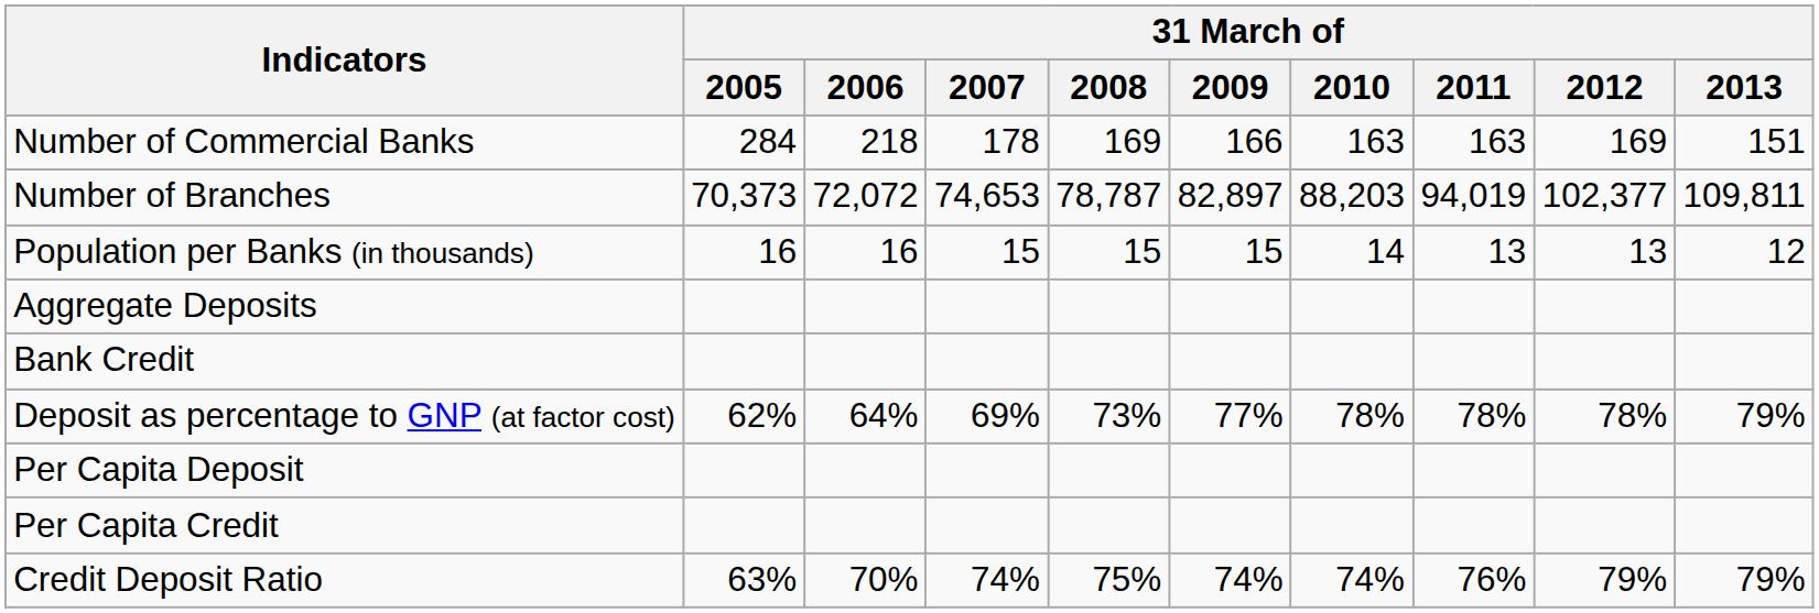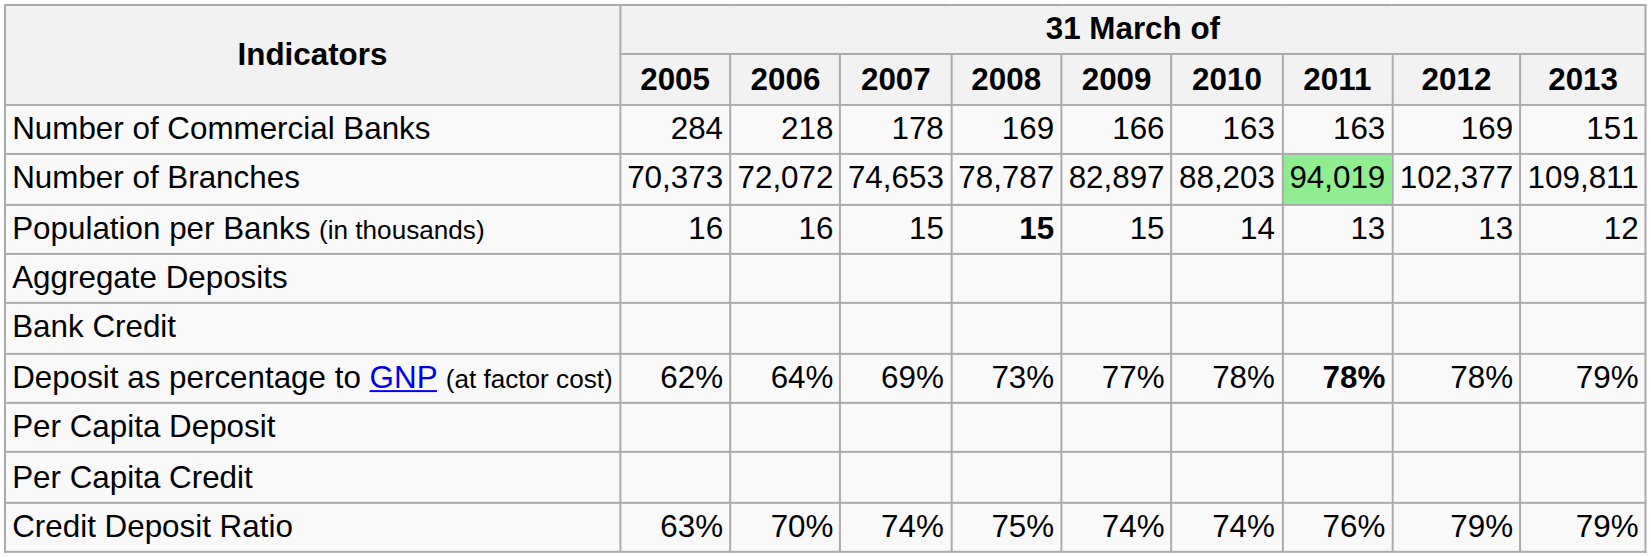 <table class="wikitable sortable">
 <tr>
 <th rowspan="2">Indicators</th>
 <th ! colspan="9">31 March of</th>
 </tr>
 <tr>
 <th>2005</th>
 <th>2006</th>
 <th>2007</th>
 <th>2008</th>
 <th>2009</th>
 <th>2010</th>
 <th>2011</th>
 <th>2012</th>
 <th>2013</th>
 </tr>
 <tr>
 <td>Number of Commercial Banks</td>
 <td align="right">284</td>
 <td align="right">218</td>
 <td align="right">178</td>
 <td align="right">169</td>
 <td align="right">166</td>
 <td align="right">163</td>
 <td align="right">163</td>
 <td align="right">169</td>
 <td align="right">151</td>
 </tr>
 <tr>
 <td>Number of Branches</td>
 <td align="right">70,373</td>
 <td align="right">72,072</td>
 <td align="right">74,653</td>
 <td align="right">78,787</td>
 <td align="right">82,897</td>
 <td align="right">88,203</td>
-<td align="right">94,019</td>
+<td align="right" style="background: lightgreen;">94,019</td>
 <td align="right">102,377</td>
 <td align="right">109,811</td>
 </tr>
 <tr>
 <td>Population per Banks <small>(in thousands)</small></td>
 <td align="right">16</td>
 <td align="right">16</td>
 <td align="right">15</td>
-<td align="right">15</td>
+<td align="right"><strong>15</strong></td>
 <td align="right">15</td>
 <td align="right">14</td>
 <td align="right">13</td>
 <td align="right">13</td>
 <td align="right">12</td>
 </tr>
 <tr>
 <td>Aggregate Deposits</td>
 <td align="right"></td>
 <td align="right"></td>
 <td align="right"></td>
 <td align="right"></td>
 <td align="right"></td>
 <td align="right"></td>
 <td align="right"></td>
 <td align="right"></td>
 <td align="right"></td>
 </tr>
 <tr>
 <td>Bank Credit</td>
 <td align="right"></td>
 <td align="right"></td>
 <td align="right"></td>
 <td align="right"></td>
 <td align="right"></td>
 <td align="right"></td>
 <td align="right"></td>
 <td align="right"></td>
 <td align="right"></td>
 </tr>
 <tr>
 <td>Deposit as percentage to <a href='#'>GNP</a> <small>(at factor cost)</small></td>
 <td align="right">62%</td>
 <td align="right">64%</td>
 <td align="right">69%</td>
 <td align="right">73%</td>
 <td align="right">77%</td>
 <td align="right">78%</td>
-<td align="right">78%</td>
+<td align="right"><strong>78%</strong></td>
 <td align="right">78%</td>
 <td align="right">79%</td>
 </tr>
 <tr>
 <td>Per Capita Deposit</td>
 <td align="right"></td>
 <td align="right"></td>
 <td align="right"></td>
 <td align="right"></td>
 <td align="right"></td>
 <td align="right"></td>
 <td align="right"></td>
 <td align="right"></td>
 <td align="right"></td>
 </tr>
 <tr>
 <td>Per Capita Credit</td>
 <td align="right"></td>
 <td align="right"></td>
 <td align="right"></td>
 <td align="right"></td>
 <td align="right"></td>
 <td align="right"></td>
 <td align="right"></td>
 <td align="right"></td>
 <td align="right"></td>
 </tr>
 <tr>
 <td>Credit Deposit Ratio</td>
 <td align="right">63%</td>
 <td align="right">70%</td>
 <td align="right">74%</td>
 <td align="right">75%</td>
 <td align="right">74%</td>
 <td align="right">74%</td>
 <td align="right">76%</td>
 <td align="right">79%</td>
 <td align="right">79%</td>
 </tr>
 </table>
